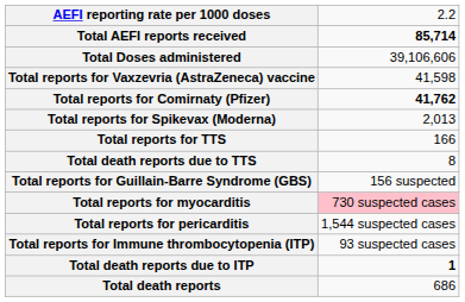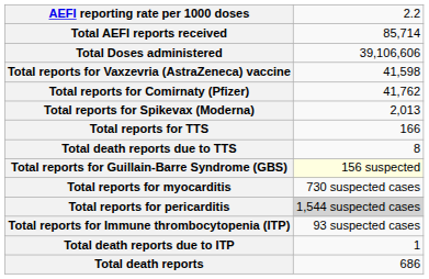 <table class="wikitable plainrowheaders sortable" style="text-align:right;">
 <tr>
 <th scope="row"><a href='#'>AEFI</a> reporting rate per 1000 doses</th>
 <td>2.2</td>
 </tr>
 <tr>
 <th scope="row">Total AEFI reports received</th>
-<td><strong>85,714</strong></td>
+<td>85,714</td>
 </tr>
 <tr>
 <th scope="row">Total Doses administered</th>
 <td>39,106,606</td>
 </tr>
 <tr>
 <th scope="row">Total reports for Vaxzevria (AstraZeneca) vaccine</th>
 <td>41,598</td>
 </tr>
 <tr>
 <th scope="row">Total reports for Comirnaty (Pfizer)</th>
-<td><strong>41,762</strong></td>
+<td>41,762</td>
 </tr>
 <tr>
 <th scope="row">Total reports for Spikevax (Moderna)</th>
 <td>2,013</td>
 </tr>
 <tr>
 <th scope="row">Total reports for TTS</th>
 <td>166</td>
 </tr>
 <tr>
 <th scope="row">Total death reports due to TTS</th>
 <td>8</td>
 </tr>
 <tr>
 <th scope="row">Total reports for Guillain-Barre Syndrome (GBS)</th>
-<td>156 suspected</td>
+<td style="background: lightyellow;">156 suspected</td>
 </tr>
 <tr>
 <th scope="row">Total reports for myocarditis</th>
-<td style="background: pink;">730 suspected cases</td>
+<td>730 suspected cases</td>
 </tr>
 <tr>
 <th scope="row">Total reports for pericarditis</th>
-<td>1,544 suspected cases</td>
+<td style="background: lightgrey;">1,544 suspected cases</td>
 </tr>
 <tr>
 <th scope="row">Total reports for Immune thrombocytopenia (ITP)</th>
 <td>93 suspected cases</td>
 </tr>
 <tr>
 <th scope="row">Total death reports due to ITP</th>
-<td><strong>1</strong></td>
+<td>1</td>
 </tr>
 <tr>
 <th scope="row">Total death reports</th>
 <td>686</td>
 </tr>
 </table>
